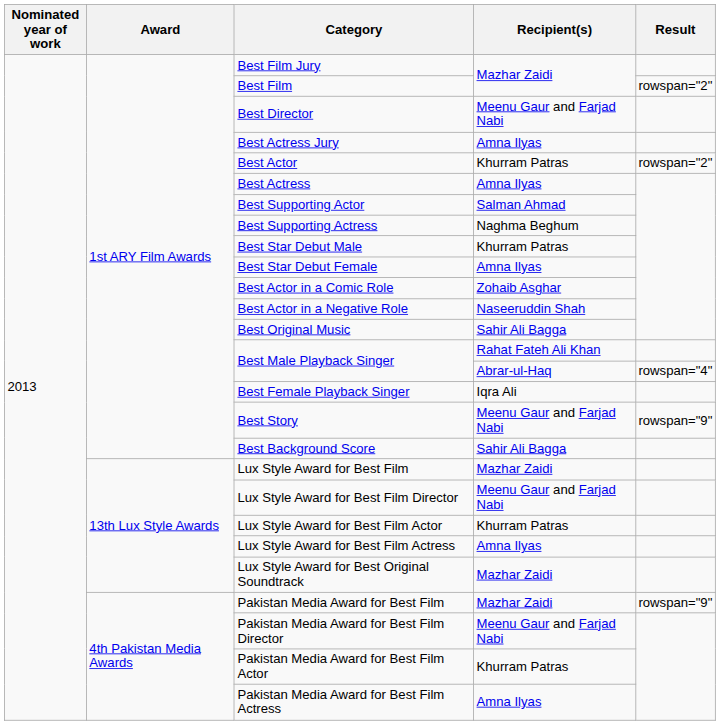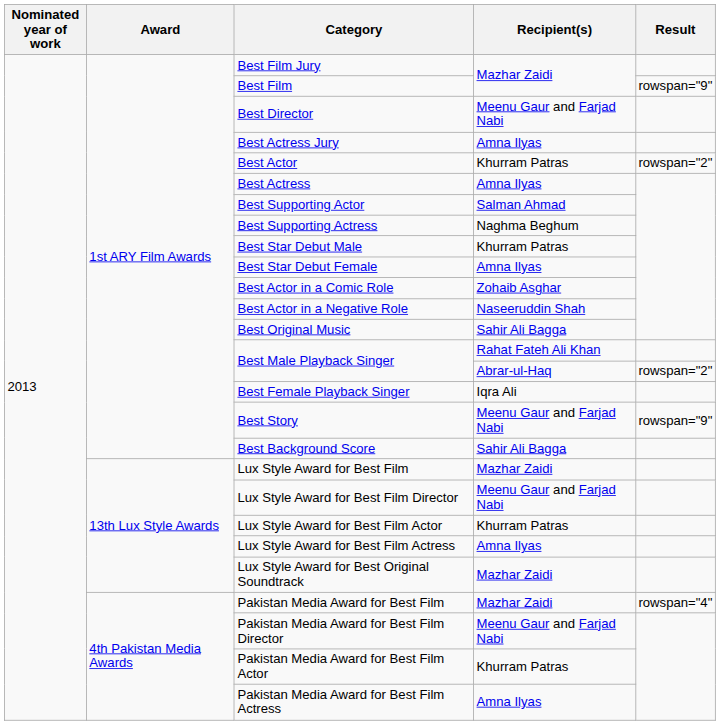 <table class="wikitable">
 <tr>
 <th>Nominated<br> year of work</th>
 <th>Award</th>
 <th>Category</th>
 <th>Recipient(s)</th>
 <th>Result</th>
 </tr>
 <tr>
 <td rowspan="35">2013</td>
 <td rowspan="18"><a href='#'>1st ARY Film Awards</a></td>
 <td><a href='#'>Best Film Jury</a></td>
 <td rowspan="2"><a href='#'>Mazhar Zaidi</a></td>
 <td></td>
 </tr>
 <tr>
 <td><a href='#'>Best Film</a></td>
-<td>rowspan="2" </td>
+<td>rowspan="9" </td>
 </tr>
 <tr>
 <td><a href='#'>Best Director</a></td>
 <td><a href='#'>Meenu Gaur</a> and <a href='#'>Farjad Nabi</a></td>
 </tr>
 <tr>
 <td><a href='#'>Best Actress Jury</a></td>
 <td><a href='#'>Amna Ilyas</a></td>
 <td></td>
 </tr>
 <tr>
 <td><a href='#'>Best Actor</a></td>
 <td>Khurram Patras</td>
 <td>rowspan="2" </td>
 </tr>
 <tr>
 <td><a href='#'>Best Actress</a></td>
 <td><a href='#'>Amna Ilyas</a></td>
 </tr>
 <tr>
 <td><a href='#'>Best Supporting Actor</a></td>
 <td><a href='#'>Salman Ahmad</a></td>
 </tr>
 <tr>
 <td><a href='#'>Best Supporting Actress</a></td>
 <td>Naghma Beghum</td>
 </tr>
 <tr>
 <td><a href='#'>Best Star Debut Male</a></td>
 <td>Khurram Patras</td>
 </tr>
 <tr>
 <td><a href='#'>Best Star Debut Female</a></td>
 <td><a href='#'>Amna Ilyas</a></td>
 </tr>
 <tr>
 <td><a href='#'>Best Actor in a Comic Role</a></td>
 <td><a href='#'>Zohaib Asghar</a></td>
 </tr>
 <tr>
 <td><a href='#'>Best Actor in a Negative Role</a></td>
 <td><a href='#'>Naseeruddin Shah</a></td>
 </tr>
 <tr>
 <td><a href='#'>Best Original Music</a></td>
 <td><a href='#'>Sahir Ali Bagga</a></td>
 </tr>
 <tr>
 <td rowspan="2"><a href='#'>Best Male Playback Singer</a></td>
 <td><a href='#'>Rahat Fateh Ali Khan</a></td>
 <td></td>
 </tr>
 <tr>
 <td><a href='#'>Abrar-ul-Haq</a></td>
-<td>rowspan="4" </td>
+<td>rowspan="2" </td>
 </tr>
 <tr>
 <td><a href='#'>Best Female Playback Singer</a></td>
 <td>Iqra Ali</td>
 </tr>
 <tr>
 <td><a href='#'>Best Story</a></td>
 <td><a href='#'>Meenu Gaur</a> and <a href='#'>Farjad Nabi</a></td>
 <td>rowspan="9" </td>
 </tr>
 <tr>
 <td><a href='#'>Best Background Score</a></td>
 <td><a href='#'>Sahir Ali Bagga</a></td>
 </tr>
 <tr>
 <td rowspan="5"><a href='#'>13th Lux Style Awards</a></td>
 <td>Lux Style Award for Best Film</td>
 <td><a href='#'>Mazhar Zaidi</a></td>
 <td></td>
 </tr>
 <tr>
 <td>Lux Style Award for Best Film Director</td>
 <td><a href='#'>Meenu Gaur</a> and <a href='#'>Farjad Nabi</a></td>
 <td></td>
 </tr>
 <tr>
 <td>Lux Style Award for Best Film Actor</td>
 <td>Khurram Patras</td>
 <td></td>
 </tr>
 <tr>
 <td>Lux Style Award for Best Film Actress</td>
 <td><a href='#'>Amna Ilyas</a></td>
 <td></td>
 </tr>
 <tr>
 <td>Lux Style Award for Best Original Soundtrack</td>
 <td><a href='#'>Mazhar Zaidi</a></td>
 <td></td>
 </tr>
 <tr>
 <td rowspan="4"><a href='#'>4th Pakistan Media Awards</a></td>
 <td>Pakistan Media Award for Best Film</td>
 <td><a href='#'>Mazhar Zaidi</a></td>
-<td>rowspan="9" </td>
+<td>rowspan="4" </td>
 </tr>
 <tr>
 <td>Pakistan Media Award for Best Film Director</td>
 <td><a href='#'>Meenu Gaur</a> and <a href='#'>Farjad Nabi</a></td>
 </tr>
 <tr>
 <td>Pakistan Media Award for Best Film Actor</td>
 <td>Khurram Patras</td>
 </tr>
 <tr>
 <td>Pakistan Media Award for Best Film Actress</td>
 <td><a href='#'>Amna Ilyas</a></td>
 </tr>
 </table>
